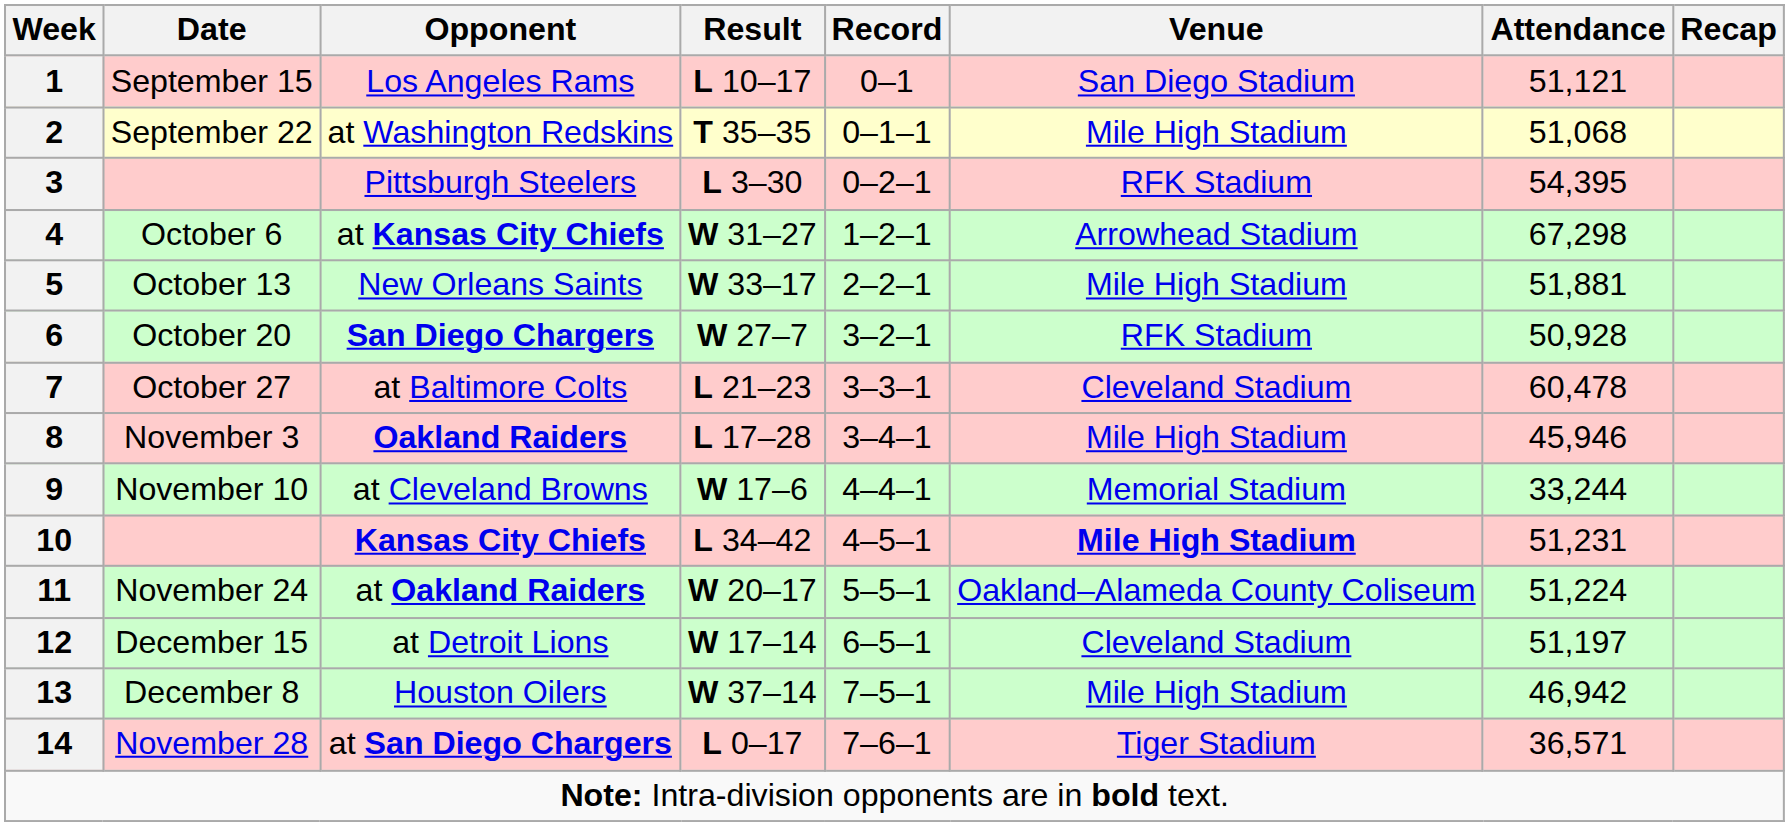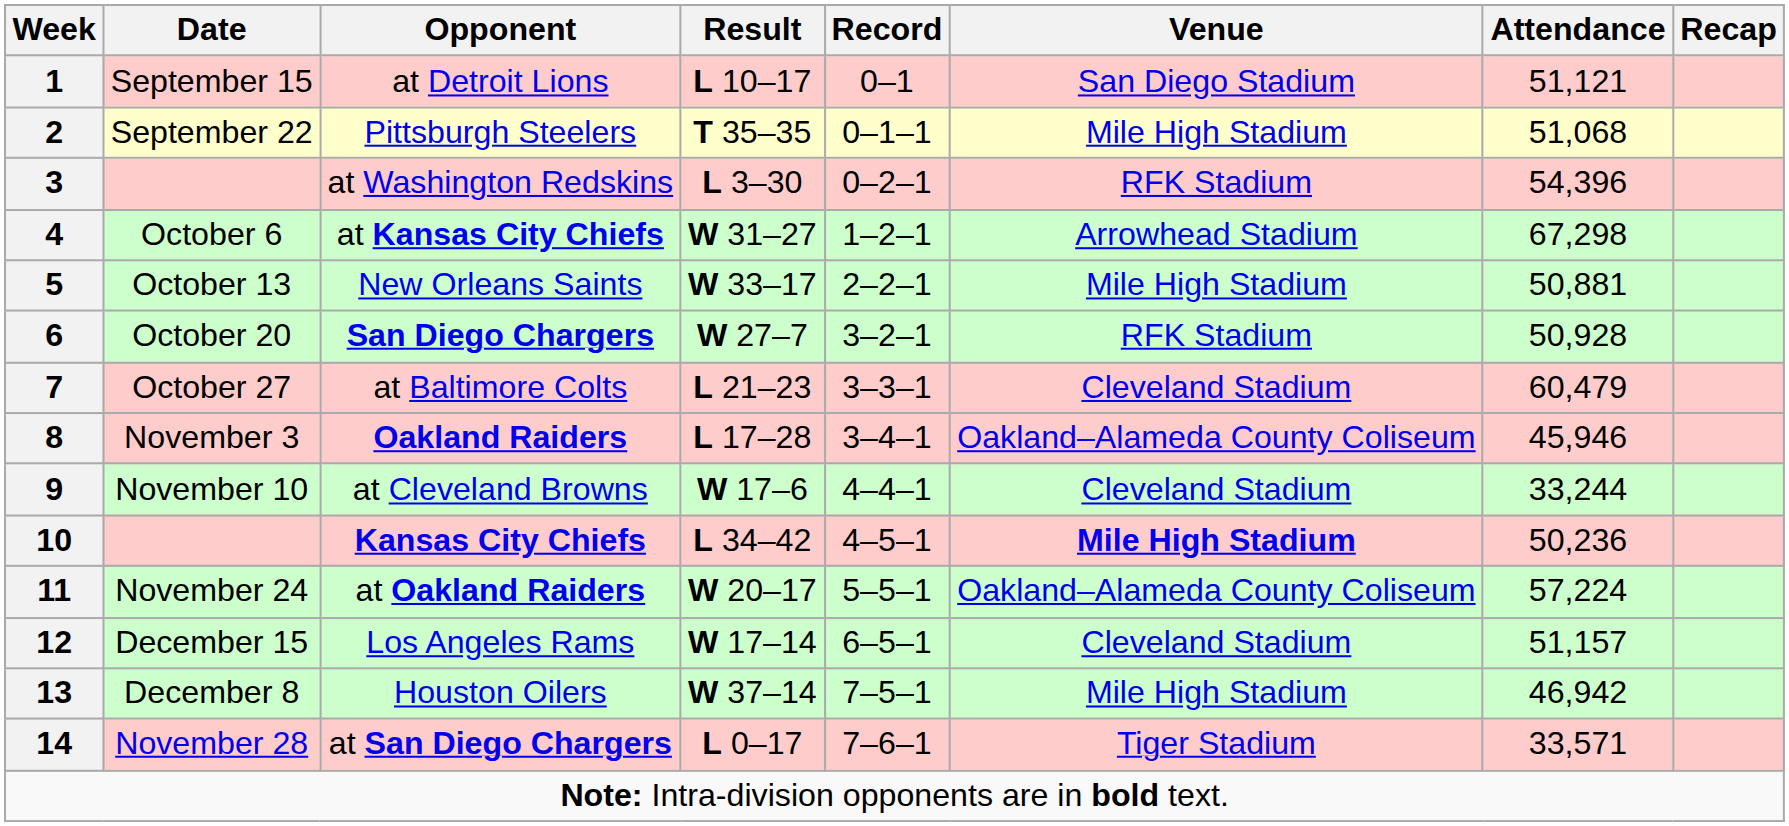 <table class="wikitable" style="text-align:center">
 <tr>
 <th>Week</th>
 <th>Date</th>
 <th>Opponent</th>
 <th>Result</th>
 <th>Record</th>
 <th>Venue</th>
 <th>Attendance</th>
 <th>Recap</th>
 </tr>
 <tr style="background:#fcc">
 <th>1</th>
 <td>September 15</td>
-<td><a href='#'>Los Angeles Rams</a></td>
+<td>at <a href='#'>Detroit Lions</a></td>
 <td><strong>L</strong> 10–17</td>
 <td>0–1</td>
 <td><a href='#'>San Diego Stadium</a></td>
 <td>51,121</td>
 <td></td>
 </tr>
 <tr style="background:#ffc">
 <th>2</th>
 <td>September 22</td>
-<td>at <a href='#'>Washington Redskins</a></td>
+<td><a href='#'>Pittsburgh Steelers</a></td>
 <td><strong>T</strong> 35–35 </td>
 <td>0–1–1</td>
 <td><a href='#'>Mile High Stadium</a></td>
 <td>51,068</td>
 <td></td>
 </tr>
 <tr style="background:#fcc">
 <th>3</th>
 <td></td>
-<td><a href='#'>Pittsburgh Steelers</a></td>
+<td>at <a href='#'>Washington Redskins</a></td>
 <td><strong>L</strong> 3–30</td>
 <td>0–2–1</td>
 <td><a href='#'>RFK Stadium</a></td>
-<td>54,395</td>
+<td>54,396</td>
 <td></td>
 </tr>
 <tr style="background:#cfc">
 <th>4</th>
 <td>October 6</td>
 <td>at <strong><a href='#'>Kansas City Chiefs</a></strong></td>
 <td><strong>W</strong> 31–27</td>
 <td>1–2–1</td>
 <td><a href='#'>Arrowhead Stadium</a></td>
 <td>67,298</td>
 <td></td>
 </tr>
 <tr style="background:#cfc">
 <th>5</th>
 <td>October 13</td>
 <td><a href='#'>New Orleans Saints</a></td>
 <td><strong>W</strong> 33–17</td>
 <td>2–2–1</td>
 <td><a href='#'>Mile High Stadium</a></td>
-<td>51,881</td>
+<td>50,881</td>
 <td></td>
 </tr>
 <tr style="background:#cfc">
 <th>6</th>
 <td>October 20</td>
 <td><strong><a href='#'>San Diego Chargers</a></strong></td>
 <td><strong>W</strong> 27–7</td>
 <td>3–2–1</td>
 <td><a href='#'>RFK Stadium</a></td>
 <td>50,928</td>
 <td></td>
 </tr>
 <tr style="background:#fcc">
 <th>7</th>
 <td>October 27</td>
 <td>at <a href='#'>Baltimore Colts</a></td>
 <td><strong>L</strong> 21–23</td>
 <td>3–3–1</td>
 <td><a href='#'>Cleveland Stadium</a></td>
-<td>60,478</td>
+<td>60,479</td>
 <td></td>
 </tr>
 <tr style="background:#fcc">
 <th>8</th>
 <td>November 3</td>
 <td><strong><a href='#'>Oakland Raiders</a></strong></td>
 <td><strong>L</strong> 17–28</td>
 <td>3–4–1</td>
-<td><a href='#'>Mile High Stadium</a></td>
+<td><a href='#'>Oakland–Alameda County Coliseum</a></td>
 <td>45,946</td>
 <td></td>
 </tr>
 <tr style="background:#cfc">
 <th>9</th>
 <td>November 10</td>
 <td>at <a href='#'>Cleveland Browns</a></td>
 <td><strong>W</strong> 17–6</td>
 <td>4–4–1</td>
-<td><a href='#'>Memorial Stadium</a></td>
+<td><a href='#'>Cleveland Stadium</a></td>
 <td>33,244</td>
 <td></td>
 </tr>
 <tr style="background:#fcc">
 <th>10</th>
 <td></td>
 <td><strong><a href='#'>Kansas City Chiefs</a></strong></td>
 <td><strong>L</strong> 34–42</td>
 <td>4–5–1</td>
 <td><strong><a href='#'>Mile High Stadium</a></strong></td>
-<td>51,231</td>
+<td>50,236</td>
 <td></td>
 </tr>
 <tr style="background:#cfc">
 <th>11</th>
 <td>November 24</td>
 <td>at <strong><a href='#'>Oakland Raiders</a></strong></td>
 <td><strong>W</strong> 20–17</td>
 <td>5–5–1</td>
 <td><a href='#'>Oakland–Alameda County Coliseum</a></td>
-<td>51,224</td>
+<td>57,224</td>
 <td></td>
 </tr>
 <tr style="background:#cfc">
 <th>12</th>
 <td>December 15</td>
-<td>at <a href='#'>Detroit Lions</a></td>
+<td><a href='#'>Los Angeles Rams</a></td>
 <td><strong>W</strong> 17–14</td>
 <td>6–5–1</td>
 <td><a href='#'>Cleveland Stadium</a></td>
-<td>51,197</td>
+<td>51,157</td>
 <td></td>
 </tr>
 <tr style="background:#cfc">
 <th>13</th>
 <td>December 8</td>
 <td><a href='#'>Houston Oilers</a></td>
 <td><strong>W</strong> 37–14</td>
 <td>7–5–1</td>
 <td><a href='#'>Mile High Stadium</a></td>
 <td>46,942</td>
 <td></td>
 </tr>
 <tr style="background:#fcc">
 <th>14</th>
 <td><a href='#'>November 28</a></td>
 <td>at <strong><a href='#'>San Diego Chargers</a></strong></td>
 <td><strong>L</strong> 0–17</td>
 <td>7–6–1</td>
 <td><a href='#'>Tiger Stadium</a></td>
-<td>36,571</td>
+<td>33,571</td>
 <td></td>
 </tr>
 <tr>
 <td colspan="8"><strong>Note:</strong> Intra-division opponents are in <strong>bold</strong> text.</td>
 </tr>
 </table>
